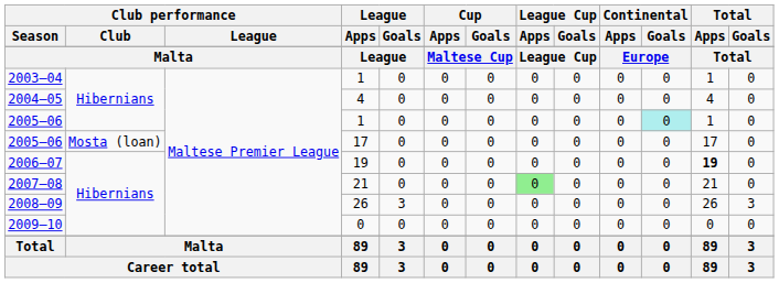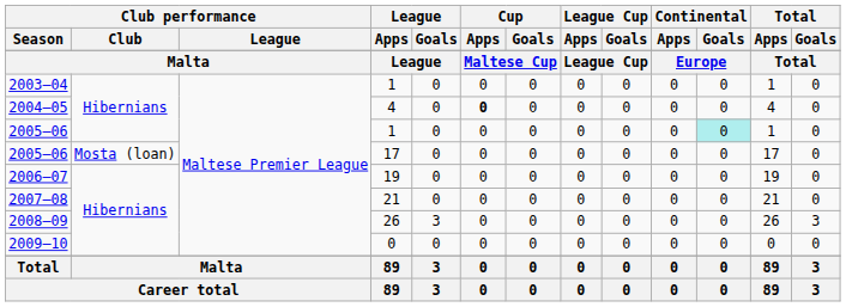 <table class="wikitable" style="text-align:center">
 <tr>
 <th colspan=3>Club performance</th>
 <th colspan=2>League</th>
 <th colspan=2>Cup</th>
 <th colspan=2>League Cup</th>
 <th colspan=2>Continental</th>
 <th colspan=2>Total</th>
 </tr>
 <tr>
 <th>Season</th>
 <th>Club</th>
 <th>League</th>
 <th>Apps</th>
 <th>Goals</th>
 <th>Apps</th>
 <th>Goals</th>
 <th>Apps</th>
 <th>Goals</th>
 <th>Apps</th>
 <th>Goals</th>
 <th>Apps</th>
 <th>Goals</th>
 </tr>
 <tr>
 </tr>
 <tr>
 <th colspan=3>Malta</th>
 <th colspan=2>League</th>
 <th colspan=2><a href='#'>Maltese Cup</a></th>
 <th colspan=2>League Cup</th>
 <th colspan=2><a href='#'>Europe</a></th>
 <th colspan=2>Total</th>
 </tr>
 <tr>
 <td><a href='#'>2003–04</a></td>
 <td rowspan="3"><a href='#'>Hibernians</a></td>
 <td rowspan="8"><a href='#'>Maltese Premier League</a></td>
 <td>1</td>
 <td>0</td>
 <td>0</td>
 <td>0</td>
 <td>0</td>
 <td>0</td>
 <td>0</td>
 <td>0</td>
 <td>1</td>
 <td>0</td>
 </tr>
 <tr>
 <td><a href='#'>2004–05</a></td>
 <td>4</td>
 <td>0</td>
-<td>0</td>
+<td><strong>0</strong></td>
 <td>0</td>
 <td>0</td>
 <td>0</td>
 <td>0</td>
 <td>0</td>
 <td>4</td>
 <td>0</td>
 </tr>
 <tr>
 <td><a href='#'>2005–06</a></td>
 <td>1</td>
 <td>0</td>
 <td>0</td>
 <td>0</td>
 <td>0</td>
 <td>0</td>
 <td>0</td>
 <td style="background: paleturquoise;">0</td>
 <td>1</td>
 <td>0</td>
 </tr>
 <tr>
 <td><a href='#'>2005–06</a></td>
 <td rowspan="1"><a href='#'>Mosta</a> (loan)</td>
 <td>17</td>
 <td>0</td>
 <td>0</td>
 <td>0</td>
 <td>0</td>
 <td>0</td>
 <td>0</td>
 <td>0</td>
 <td>17</td>
 <td>0</td>
 </tr>
 <tr>
 <td><a href='#'>2006–07</a></td>
 <td rowspan="4"><a href='#'>Hibernians</a></td>
 <td>19</td>
 <td>0</td>
 <td>0</td>
 <td>0</td>
 <td>0</td>
 <td>0</td>
 <td>0</td>
 <td>0</td>
-<td><strong>19</strong></td>
+<td>19</td>
 <td>0</td>
 </tr>
 <tr>
 <td><a href='#'>2007–08</a></td>
 <td>21</td>
 <td>0</td>
 <td>0</td>
 <td>0</td>
-<td style="background: lightgreen;">0</td>
+<td>0</td>
 <td>0</td>
 <td>0</td>
 <td>0</td>
 <td>21</td>
 <td>0</td>
 </tr>
 <tr>
 <td><a href='#'>2008–09</a></td>
 <td>26</td>
 <td>3</td>
 <td>0</td>
 <td>0</td>
 <td>0</td>
 <td>0</td>
 <td>0</td>
 <td>0</td>
 <td>26</td>
 <td>3</td>
 </tr>
 <tr>
 <td><a href='#'>2009–10</a></td>
 <td>0</td>
 <td>0</td>
 <td>0</td>
 <td>0</td>
 <td>0</td>
 <td>0</td>
 <td>0</td>
 <td>0</td>
 <td>0</td>
 <td>0</td>
 </tr>
 <tr>
 </tr>
 <tr>
 <th rowspan=1>Total</th>
 <th colspan=2>Malta</th>
 <th>89</th>
 <th>3</th>
 <th>0</th>
 <th>0</th>
 <th>0</th>
 <th>0</th>
 <th>0</th>
 <th>0</th>
 <th>89</th>
 <th>3</th>
 </tr>
 <tr>
 <th colspan=3>Career total</th>
 <th>89</th>
 <th>3</th>
 <th>0</th>
 <th>0</th>
 <th>0</th>
 <th>0</th>
 <th>0</th>
 <th>0</th>
 <th>89</th>
 <th>3</th>
 </tr>
 </table>
